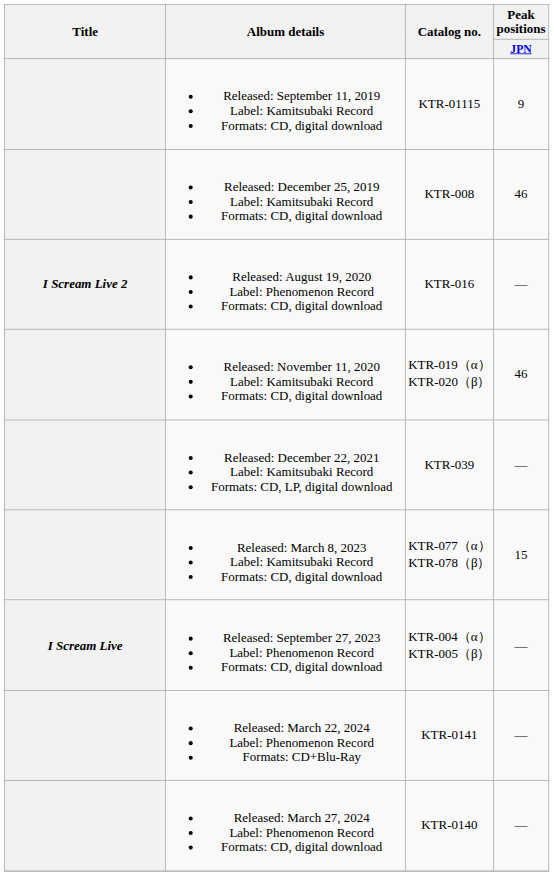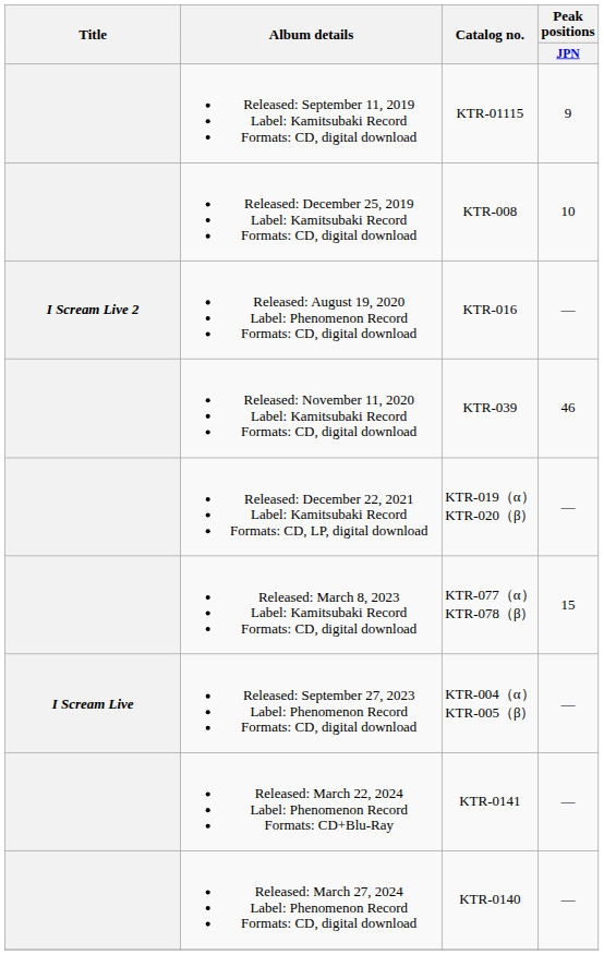 <table class="wikitable plainrowheaders" style="text-align:center;">
 <tr>
 <th style="width:12em;" rowspan="2">Title</th>
 <th style="width:18em;" rowspan="2">Album details</th>
 <th rowspan ="2">Catalog no.</th>
 <th colspan="1">Peak positions</th>
 </tr>
 <tr>
 <th scope="col" style="width:3em;font-size:90%;"><a href='#'>JPN</a><br></th>
 </tr>
 <tr>
 <th scope="row"><br></th>
 <td><br><ul><li>Released: September 11, 2019</li><li>Label: Kamitsubaki Record</li><li>Formats: CD, digital download</li></ul></td>
 <td>KTR-01115</td>
 <td>9</td>
 </tr>
 <tr>
 <th scope="row"></th>
 <td><br><ul><li>Released: December 25, 2019</li><li>Label: Kamitsubaki Record</li><li>Formats: CD, digital download</li></ul></td>
 <td>KTR-008</td>
-<td>46</td>
+<td>10</td>
 </tr>
 <tr>
 <th scope="row"><em>I Scream Live 2</em></th>
 <td><br><ul><li>Released: August 19, 2020</li><li>Label: Phenomenon Record</li><li>Formats: CD, digital download</li></ul></td>
 <td>KTR-016</td>
 <td>—</td>
 </tr>
 <tr>
 <th scope="row"><br></th>
 <td><br><ul><li>Released: November 11, 2020</li><li>Label: Kamitsubaki Record</li><li>Formats: CD, digital download</li></ul></td>
-<td>KTR-019（α）<br>KTR-020（β）</td>
+<td>KTR-039</td>
 <td>46</td>
 </tr>
 <tr>
 <th scope="row"></th>
 <td><br><ul><li>Released: December 22, 2021</li><li>Label: Kamitsubaki Record</li><li>Formats: CD, LP, digital download</li></ul></td>
-<td>KTR-039</td>
+<td>KTR-019（α）<br>KTR-020（β）</td>
 <td>—</td>
 </tr>
 <tr>
 <th scope="row"><br></th>
 <td><br><ul><li>Released: March 8, 2023</li><li>Label: Kamitsubaki Record</li><li>Formats: CD, digital download</li></ul></td>
 <td>KTR-077（α）<br>KTR-078（β）</td>
 <td>15</td>
 </tr>
 <tr>
 <th scope="row"><em>I Scream Live</em></th>
 <td><br><ul><li>Released: September 27, 2023</li><li>Label: Phenomenon Record</li><li>Formats: CD, digital download</li></ul></td>
 <td>KTR-004（α）<br>KTR-005（β）</td>
 <td>—</td>
 </tr>
 <tr>
 <th scope="row"></th>
 <td><br><ul><li>Released: March 22, 2024</li><li>Label: Phenomenon Record</li><li>Formats: CD+Blu-Ray</li></ul></td>
 <td>KTR-0141</td>
 <td>—</td>
 </tr>
 <tr>
 <th scope="row"></th>
 <td><br><ul><li>Released: March 27, 2024</li><li>Label: Phenomenon Record</li><li>Formats: CD, digital download</li></ul></td>
 <td>KTR-0140</td>
 <td>—</td>
 </tr>
 <tr>
 </tr>
 </table>
